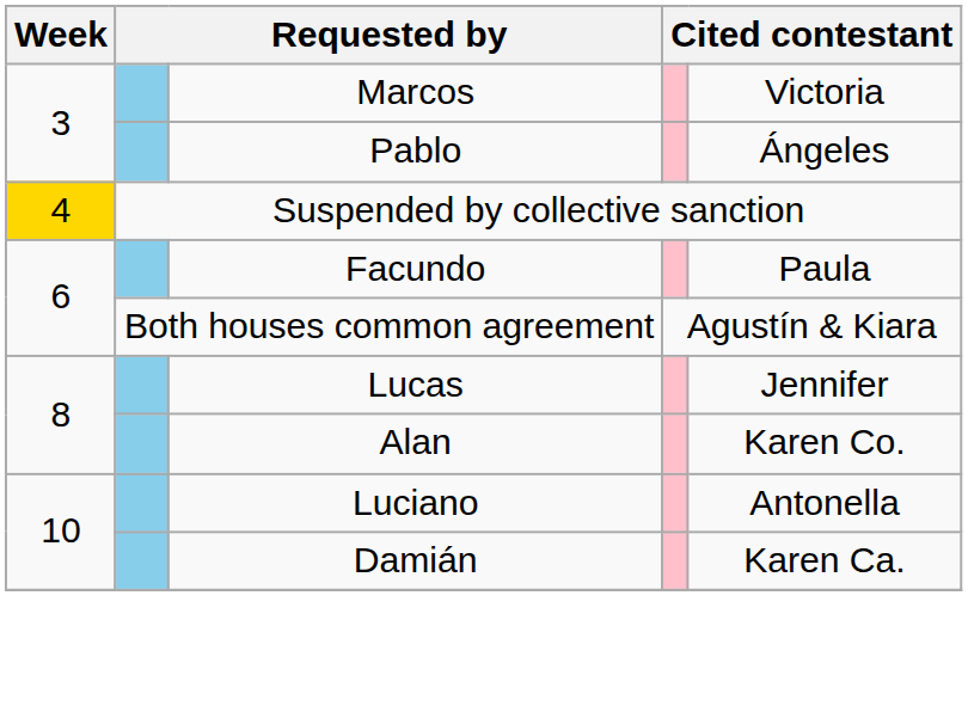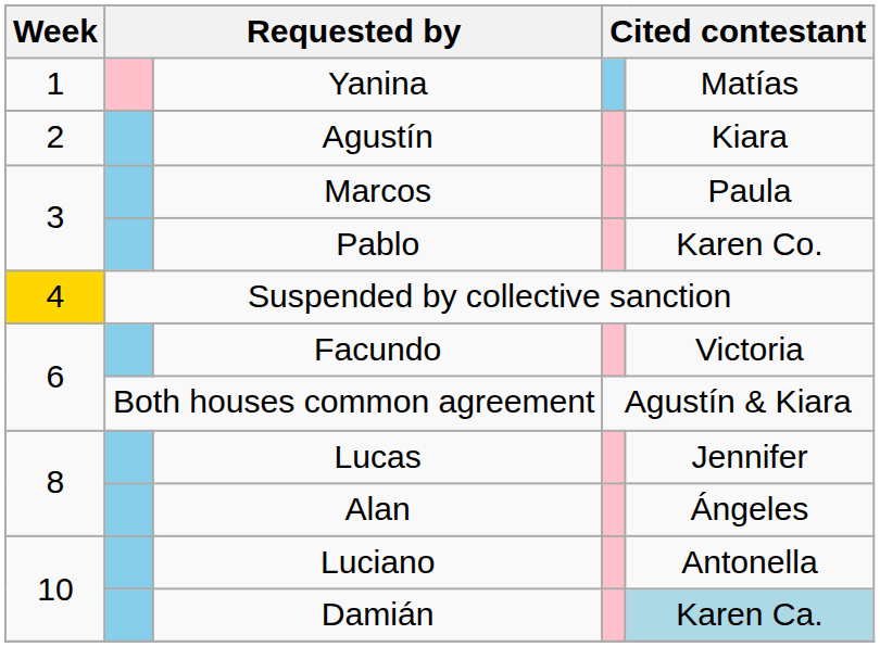 <table class="wikitable" style="font-size: 97%; text-align: center;">
 <tr>
 <th>Week</th>
 <th colspan=2>Requested by</th>
 <th colspan=2>Cited contestant</th>
 </tr>
 <tr>
+<td>1</td>
+<td style="background:pink"></td>
+<td>Yanina</td>
+<td style="background:Skyblue"></td>
+<td>Matías</td>
+</tr>
+<tr>
+<td>2</td>
+<td style="background:Skyblue"></td>
+<td>Agustín</td>
+<td style="background:pink"></td>
+<td>Kiara</td>
+</tr>
+<tr>
 <td rowspan="2">3</td>
 <td style="background:Skyblue"></td>
 <td>Marcos</td>
 <td style="background:pink"></td>
-<td>Victoria</td>
+<td>Paula</td>
 </tr>
 <tr>
 <td style="background:Skyblue"></td>
 <td>Pablo</td>
 <td style="background:pink"></td>
-<td>Ángeles</td>
+<td>Karen Co.</td>
 </tr>
 <tr>
 <td style="background: gold;">4</td>
 <td colspan=4>Suspended by collective sanction</td>
 </tr>
 <tr>
 <td rowspan="2">6</td>
 <td style="background:Skyblue"></td>
 <td>Facundo</td>
 <td style="background:pink"></td>
-<td>Paula</td>
+<td>Victoria</td>
 </tr>
 <tr>
 <td colspan=2>Both houses common agreement</td>
 <td colspan=2>Agustín & Kiara</td>
 </tr>
 <tr>
 <td rowspan="2">8</td>
 <td style="background:Skyblue"></td>
 <td>Lucas</td>
 <td style="background:pink"></td>
 <td>Jennifer</td>
 </tr>
 <tr>
 <td style="background:Skyblue"></td>
 <td>Alan</td>
 <td style="background:pink"></td>
-<td>Karen Co.</td>
+<td>Ángeles</td>
 </tr>
 <tr>
 <td rowspan="2">10</td>
 <td style="background:Skyblue"></td>
 <td>Luciano</td>
 <td style="background:pink"></td>
 <td>Antonella</td>
 </tr>
 <tr>
 <td style="background:Skyblue"></td>
 <td>Damián</td>
 <td style="background:pink"></td>
-<td>Karen Ca.</td>
+<td style="background: lightblue;">Karen Ca.</td>
 </tr>
 <tr>
 </tr>
 </table>
